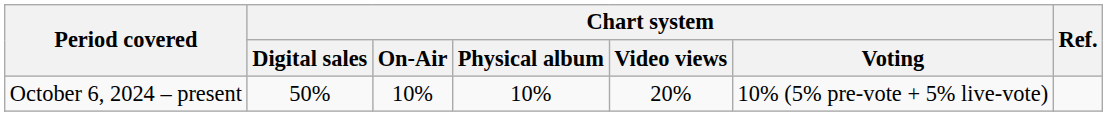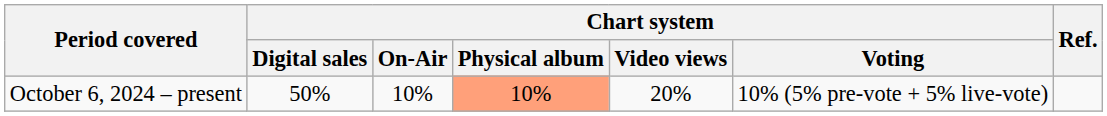 <table class="wikitable" style="text-align:center">
 <tr>
 <th rowspan="2">Period covered</th>
 <th colspan="5">Chart system</th>
 <th rowspan="2">Ref.</th>
 </tr>
 <tr>
 <th>Digital sales</th>
 <th>On-Air</th>
 <th>Physical album</th>
 <th>Video views</th>
 <th>Voting</th>
 </tr>
 <tr>
 <td>October 6, 2024 – present</td>
 <td>50%</td>
 <td>10%</td>
-<td>10%</td>
+<td style="background: lightsalmon;">10%</td>
 <td>20%</td>
 <td>10% (5% pre-vote + 5% live-vote)</td>
 <td></td>
 </tr>
 </table>
